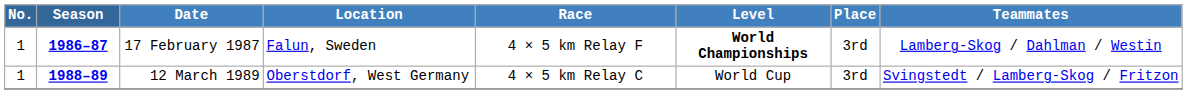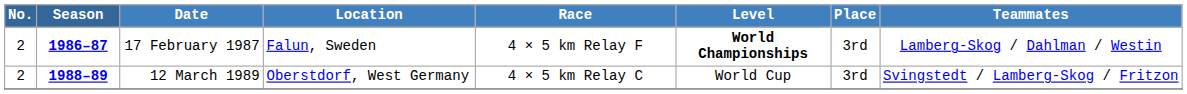 <table class="wikitable sortable" style="font-size:95%; text-align:center; border:grey solid 1px; border-collapse:collapse; background:#ffffff;">
 <tr style="background:#efefef;">
 <th style="background-color:#369; color:white;">No.</th>
 <th style="background-color:#369; color:white;">Season</th>
 <th style="background-color:#4180be; color:white; width:120px;">Date</th>
 <th style="background-color:#4180be; color:white; width:180px;">Location</th>
 <th style="background-color:#4180be; color:white; width:170px;">Race</th>
 <th style="background-color:#4180be; color:white; width:130px;">Level</th>
 <th style="background-color:#4180be; color:white;">Place</th>
 <th style="background-color:#4180be; color:white;">Teammates</th>
 </tr>
 <tr>
-<td align=center>1</td>
+<td align=center>2</td>
 <td rowspan=1 align=center><strong> <a href='#'>1986–87</a> </strong></td>
 <td align=right>17 February 1987</td>
 <td align=left> <a href='#'>Falun</a>, Sweden</td>
 <td>4 × 5 km Relay F</td>
 <td><strong>World Championships</strong></td>
 <td>3rd</td>
 <td><a href='#'>Lamberg-Skog</a> / <a href='#'>Dahlman</a> / <a href='#'>Westin</a></td>
 </tr>
 <tr>
-<td align=center>1</td>
+<td align=center>2</td>
 <td rowspan=1 align=center><strong> <a href='#'>1988–89</a> </strong></td>
 <td align=right>12 March 1989</td>
 <td align=left> <a href='#'>Oberstdorf</a>, West Germany</td>
 <td>4 × 5 km Relay C</td>
 <td>World Cup</td>
 <td>3rd</td>
 <td><a href='#'>Svingstedt</a> / <a href='#'>Lamberg-Skog</a> / <a href='#'>Fritzon</a></td>
 </tr>
 <tr>
 </tr>
 </table>
